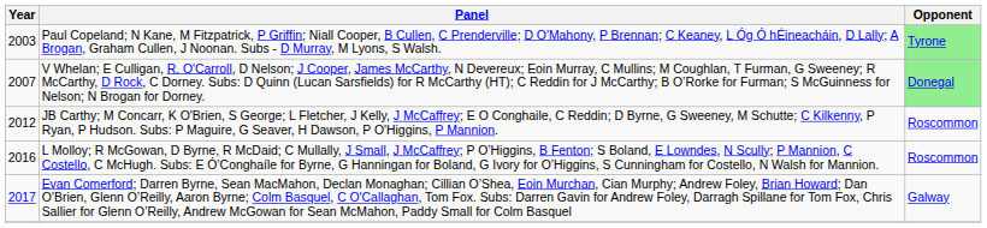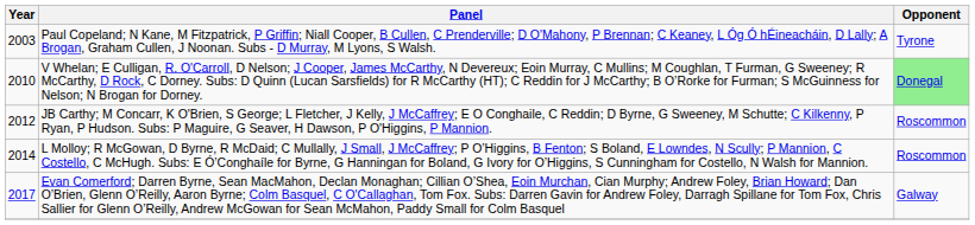 <table class="wikitable">
 <tr>
 <th>Year</th>
 <th><a href='#'>Panel</a></th>
 <th>Opponent</th>
 </tr>
 <tr>
 <td>2003</td>
 <td>Paul Copeland; N Kane, M Fitzpatrick, <a href='#'>P Griffin</a>; Niall Cooper, <a href='#'>B Cullen</a>, <a href='#'>C Prenderville</a>; <a href='#'>D O'Mahony</a>, <a href='#'>P Brennan</a>; <a href='#'>C Keaney</a>, <a href='#'>L Óg Ó hÉineacháin</a>, <a href='#'>D Lally</a>; <a href='#'>A Brogan</a>, Graham Cullen, J Noonan. Subs - <a href='#'>D Murray</a>, M Lyons, S Walsh.</td>
-<td style="background: lightgreen;"><a href='#'>Tyrone</a></td>
+<td><a href='#'>Tyrone</a></td>
 </tr>
 <tr>
-<td>2007</td>
+<td>2010</td>
 <td>V Whelan; E Culligan, <a href='#'>R. O'Carroll</a>, D Nelson; <a href='#'>J Cooper</a>, <a href='#'>James McCarthy</a>, N Devereux; Eoin Murray, C Mullins; M Coughlan, T Furman, G Sweeney; R McCarthy, <a href='#'>D Rock</a>, C Dorney. Subs: D Quinn (Lucan Sarsfields) for R McCarthy (HT); C Reddin for J McCarthy; B O’Rorke for Furman; S McGuinness for Nelson; N Brogan for Dorney.</td>
 <td style="background: lightgreen;"><a href='#'>Donegal</a></td>
 </tr>
 <tr>
 <td>2012</td>
 <td>JB Carthy; M Concarr, K O'Brien, S George; L Fletcher, J Kelly, <a href='#'>J McCaffrey</a>; E O Conghaile, C Reddin; D Byrne, G Sweeney, M Schutte; <a href='#'>C Kilkenny</a>, P Ryan, P Hudson. Subs: P Maguire, G Seaver, H Dawson, P O'Higgins, <a href='#'>P Mannion</a>.</td>
 <td><a href='#'>Roscommon</a></td>
 </tr>
 <tr>
-<td>2016</td>
+<td>2014</td>
 <td>L Molloy;  R McGowan, D Byrne, R McDaid; C Mullally, <a href='#'>J Small</a>, <a href='#'>J McCaffrey</a>; P O’Higgins, <a href='#'>B Fenton</a>; S Boland, <a href='#'>E Lowndes</a>, <a href='#'>N Scully</a>; <a href='#'>P Mannion</a>, <a href='#'>C Costello</a>, C McHugh. Subs: E Ó’Conghaíle for Byrne, G Hanningan for Boland, G Ivory for O’Higgins, S Cunningham for Costello, N Walsh for Mannion.</td>
 <td><a href='#'>Roscommon</a></td>
 </tr>
 <tr>
 <td><a href='#'>2017</a></td>
 <td><a href='#'>Evan Comerford</a>; Darren Byrne, Sean MacMahon, Declan Monaghan; Cillian O’Shea, <a href='#'>Eoin Murchan</a>, Cian Murphy; Andrew Foley, <a href='#'>Brian Howard</a>; Dan O’Brien, Glenn O’Reilly, Aaron Byrne; <a href='#'>Colm Basquel</a>, <a href='#'>C O'Callaghan</a>, Tom Fox. Subs: Darren Gavin for Andrew Foley, Darragh Spillane for Tom Fox, Chris Sallier for Glenn O’Reilly, Andrew McGowan for Sean McMahon, Paddy Small for Colm Basquel</td>
 <td><a href='#'>Galway</a></td>
 </tr>
 <tr>
 </tr>
 </table>
